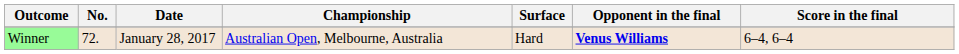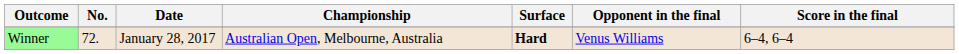 <table class="sortable wikitable" style=font-size:97%>
 <tr>
 <th width=75>Outcome</th>
 <th width=35>No.</th>
 <th width=110>Date</th>
 <th width=315>Championship</th>
 <th width=60>Surface</th>
 <th width=180>Opponent in the final</th>
 <th width=230>Score in the final</th>
 </tr>
 <tr>
 </tr>
 <tr bgcolor="#f3e6d7">
 <td bgcolor="#98fb98">Winner</td>
 <td>72.</td>
 <td>January 28, 2017</td>
 <td><a href='#'>Australian Open</a>, Melbourne, Australia</td>
-<td>Hard</td>
-<td><strong> <a href='#'>Venus Williams</a></strong></td>
+<td><strong>Hard</strong></td>
+<td> <a href='#'>Venus Williams</a></td>
 <td>6–4, 6–4</td>
 </tr>
 </table>
